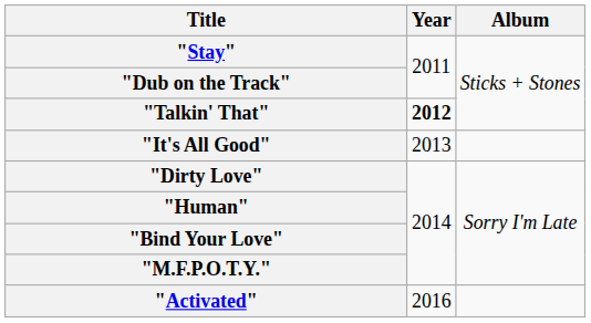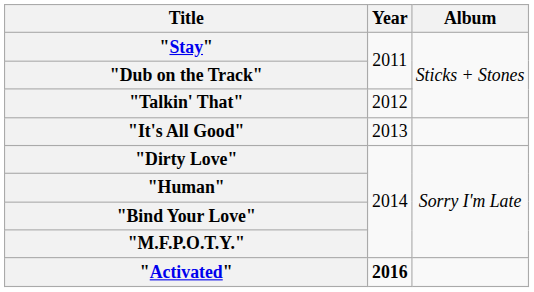 <table class="wikitable plainrowheaders" style="text-align:center;">
 <tr>
 <th scope="col" style="width:20em;">Title</th>
 <th scope="col" style="width:1em;">Year</th>
 <th scope="col">Album</th>
 </tr>
 <tr>
 <th scope="row">"<a href='#'>Stay</a>"</th>
 <td rowspan="2">2011</td>
 <td rowspan="3"><em>Sticks + Stones</em></td>
 </tr>
 <tr>
 <th scope="row">"Dub on the Track"<br></th>
 </tr>
 <tr>
 <th scope="row">"Talkin' That"</th>
-<td><strong>2012</strong></td>
+<td>2012</td>
 </tr>
 <tr>
 <th scope="row">"It's All Good"<br></th>
 <td>2013</td>
 <td></td>
 </tr>
 <tr>
 <th scope="row">"Dirty Love"</th>
 <td rowspan="4">2014</td>
 <td rowspan="4"><em>Sorry I'm Late</em></td>
 </tr>
 <tr>
 <th scope="row">"Human"</th>
 </tr>
 <tr>
 <th scope="row">"Bind Your Love"</th>
 </tr>
 <tr>
 <th scope="row">"M.F.P.O.T.Y."</th>
 </tr>
 <tr>
 <th scope="row">"<a href='#'>Activated</a>"</th>
-<td>2016</td>
+<td><strong>2016</strong></td>
 <td></td>
 </tr>
 </table>
